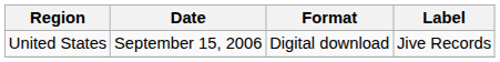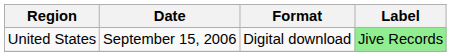 <table class=wikitable>
 <tr>
 <th>Region</th>
 <th>Date</th>
 <th>Format</th>
 <th>Label</th>
 </tr>
 <tr>
 <td>United States</td>
 <td>September 15, 2006</td>
 <td>Digital download</td>
-<td>Jive Records</td>
+<td style="background: lightgreen;">Jive Records</td>
 </tr>
 <tr>
 </tr>
 </table>
